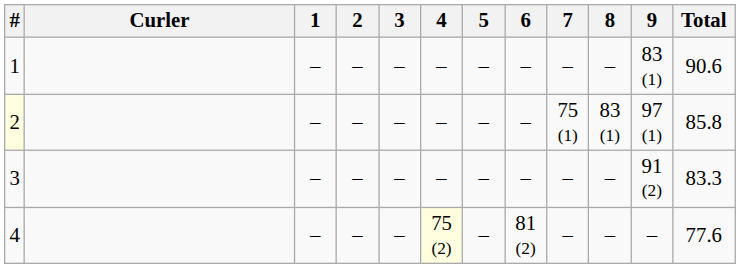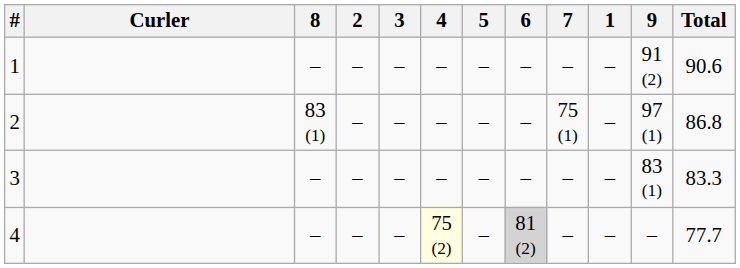 <table class="wikitable sortable" style="text-align:center">
 <tr>
 <th>#</th>
 <th width=200>Curler</th>
-<th width=25>1</th>
+<th width=25>8</th>
 <th width=25>2</th>
 <th width=25>3</th>
 <th width=25>4</th>
 <th width=25>5</th>
 <th width=25>6</th>
 <th width=25>7</th>
-<th width=25>8</th>
+<th width=25>1</th>
 <th width=25>9</th>
 <th width=40>Total</th>
 </tr>
 <tr>
 <td>1</td>
 <td align=left></td>
 <td>–</td>
 <td>–</td>
 <td>–</td>
 <td>–</td>
 <td>–</td>
 <td>–</td>
 <td>–</td>
 <td>–</td>
-<td>83 <small>(1)</small></td>
+<td>91 <small>(2)</small></td>
 <td>90.6</td>
 </tr>
 <tr>
-<td style="background: lightyellow;">2</td>
+<td>2</td>
 <td align=left></td>
-<td>–</td>
+<td>83 <small>(1)</small></td>
 <td>–</td>
 <td>–</td>
 <td>–</td>
 <td>–</td>
 <td>–</td>
 <td>75 <small>(1)</small></td>
-<td>83 <small>(1)</small></td>
+<td>–</td>
 <td>97 <small>(1)</small></td>
-<td>85.8</td>
+<td>86.8</td>
 </tr>
 <tr>
 <td>3</td>
 <td align=left></td>
 <td>–</td>
 <td>–</td>
 <td>–</td>
 <td>–</td>
 <td>–</td>
 <td>–</td>
 <td>–</td>
 <td>–</td>
-<td>91 <small>(2)</small></td>
+<td>83 <small>(1)</small></td>
 <td>83.3</td>
 </tr>
 <tr>
 <td>4</td>
 <td align=left></td>
 <td>–</td>
 <td>–</td>
 <td>–</td>
 <td style="background: lightyellow;">75 <small>(2)</small></td>
 <td>–</td>
-<td>81 <small>(2)</small></td>
+<td style="background: lightgrey;">81 <small>(2)</small></td>
 <td>–</td>
 <td>–</td>
 <td>–</td>
-<td>77.6</td>
+<td>77.7</td>
 </tr>
 </table>
